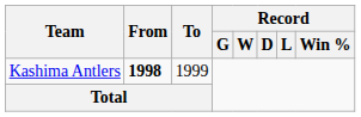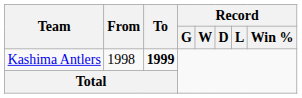 <table class="wikitable" style="text-align: center">
 <tr>
 <th rowspan="2">Team</th>
 <th rowspan="2">From</th>
 <th rowspan="2">To</th>
 <th colspan="5">Record</th>
 </tr>
 <tr>
 <th>G</th>
 <th>W</th>
 <th>D</th>
 <th>L</th>
 <th>Win %</th>
 </tr>
 <tr>
 <td align="left"><a href='#'>Kashima Antlers</a></td>
-<td align="left"><strong>1998</strong></td>
-<td align="left">1999<br></td>
+<td align="left">1998</td>
+<td align="left"><strong>1999<br></strong></td>
 </tr>
 <tr>
 <th colspan="3">Total<br></th>
 </tr>
 </table>
